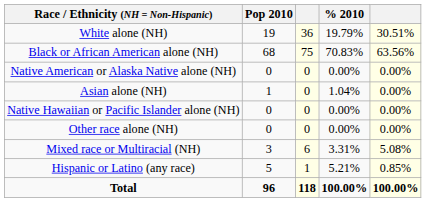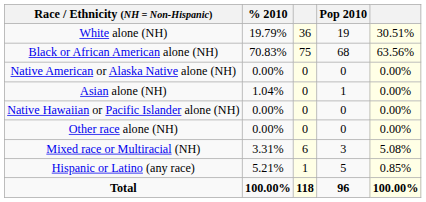 <table class="wikitable" style="text-align:center;">
 <tr>
 <th>Race / Ethnicity <small>(<em>NH = Non-Hispanic</em>)</small></th>
+<th>% 2010</th>
+<th></th>
 <th>Pop 2010</th>
-<th></th>
-<th>% 2010</th>
 <th></th>
 </tr>
 <tr>
 <td><a href='#'>White</a> alone (NH)</td>
+<td>19.79%</td>
+<td style='background: #ffffe6;'>36</td>
 <td>19</td>
-<td style='background: #ffffe6;'>36</td>
-<td>19.79%</td>
 <td style='background: #ffffe6;'>30.51%</td>
 </tr>
 <tr>
 <td><a href='#'>Black or African American</a> alone (NH)</td>
+<td>70.83%</td>
+<td style='background: #ffffe6;'>75</td>
 <td>68</td>
-<td style='background: #ffffe6;'>75</td>
-<td>70.83%</td>
 <td style='background: #ffffe6;'>63.56%</td>
 </tr>
 <tr>
 <td><a href='#'>Native American</a> or <a href='#'>Alaska Native</a> alone (NH)</td>
+<td>0.00%</td>
+<td style='background: #ffffe6;'>0</td>
 <td>0</td>
-<td style='background: #ffffe6;'>0</td>
-<td>0.00%</td>
 <td style='background: #ffffe6;'>0.00%</td>
 </tr>
 <tr>
 <td><a href='#'>Asian</a> alone (NH)</td>
+<td>1.04%</td>
+<td style='background: #ffffe6;'>0</td>
 <td>1</td>
-<td style='background: #ffffe6;'>0</td>
-<td>1.04%</td>
 <td style='background: #ffffe6;'>0.00%</td>
 </tr>
 <tr>
 <td><a href='#'>Native Hawaiian</a> or <a href='#'>Pacific Islander</a> alone (NH)</td>
+<td>0.00%</td>
+<td style='background: #ffffe6;'>0</td>
 <td>0</td>
-<td style='background: #ffffe6;'>0</td>
-<td>0.00%</td>
 <td style='background: #ffffe6;'>0.00%</td>
 </tr>
 <tr>
 <td><a href='#'>Other race</a> alone (NH)</td>
+<td>0.00%</td>
+<td style='background: #ffffe6;'>0</td>
 <td>0</td>
-<td style='background: #ffffe6;'>0</td>
-<td>0.00%</td>
 <td style='background: #ffffe6;'>0.00%</td>
 </tr>
 <tr>
 <td><a href='#'>Mixed race or Multiracial</a> (NH)</td>
+<td>3.31%</td>
+<td style='background: #ffffe6;'>6</td>
 <td>3</td>
-<td style='background: #ffffe6;'>6</td>
-<td>3.31%</td>
 <td style='background: #ffffe6;'>5.08%</td>
 </tr>
 <tr>
 <td><a href='#'>Hispanic or Latino</a> (any race)</td>
+<td>5.21%</td>
+<td style='background: #ffffe6;'>1</td>
 <td>5</td>
-<td style='background: #ffffe6;'>1</td>
-<td>5.21%</td>
 <td style='background: #ffffe6;'>0.85%</td>
 </tr>
 <tr>
 <td><strong>Total</strong></td>
+<td><strong>100.00%</strong></td>
+<td style='background: #ffffe6;'><strong>118</strong></td>
 <td><strong>96</strong></td>
-<td style='background: #ffffe6;'><strong>118</strong></td>
-<td><strong>100.00%</strong></td>
 <td style='background: #ffffe6;'><strong>100.00%</strong></td>
 </tr>
 </table>
